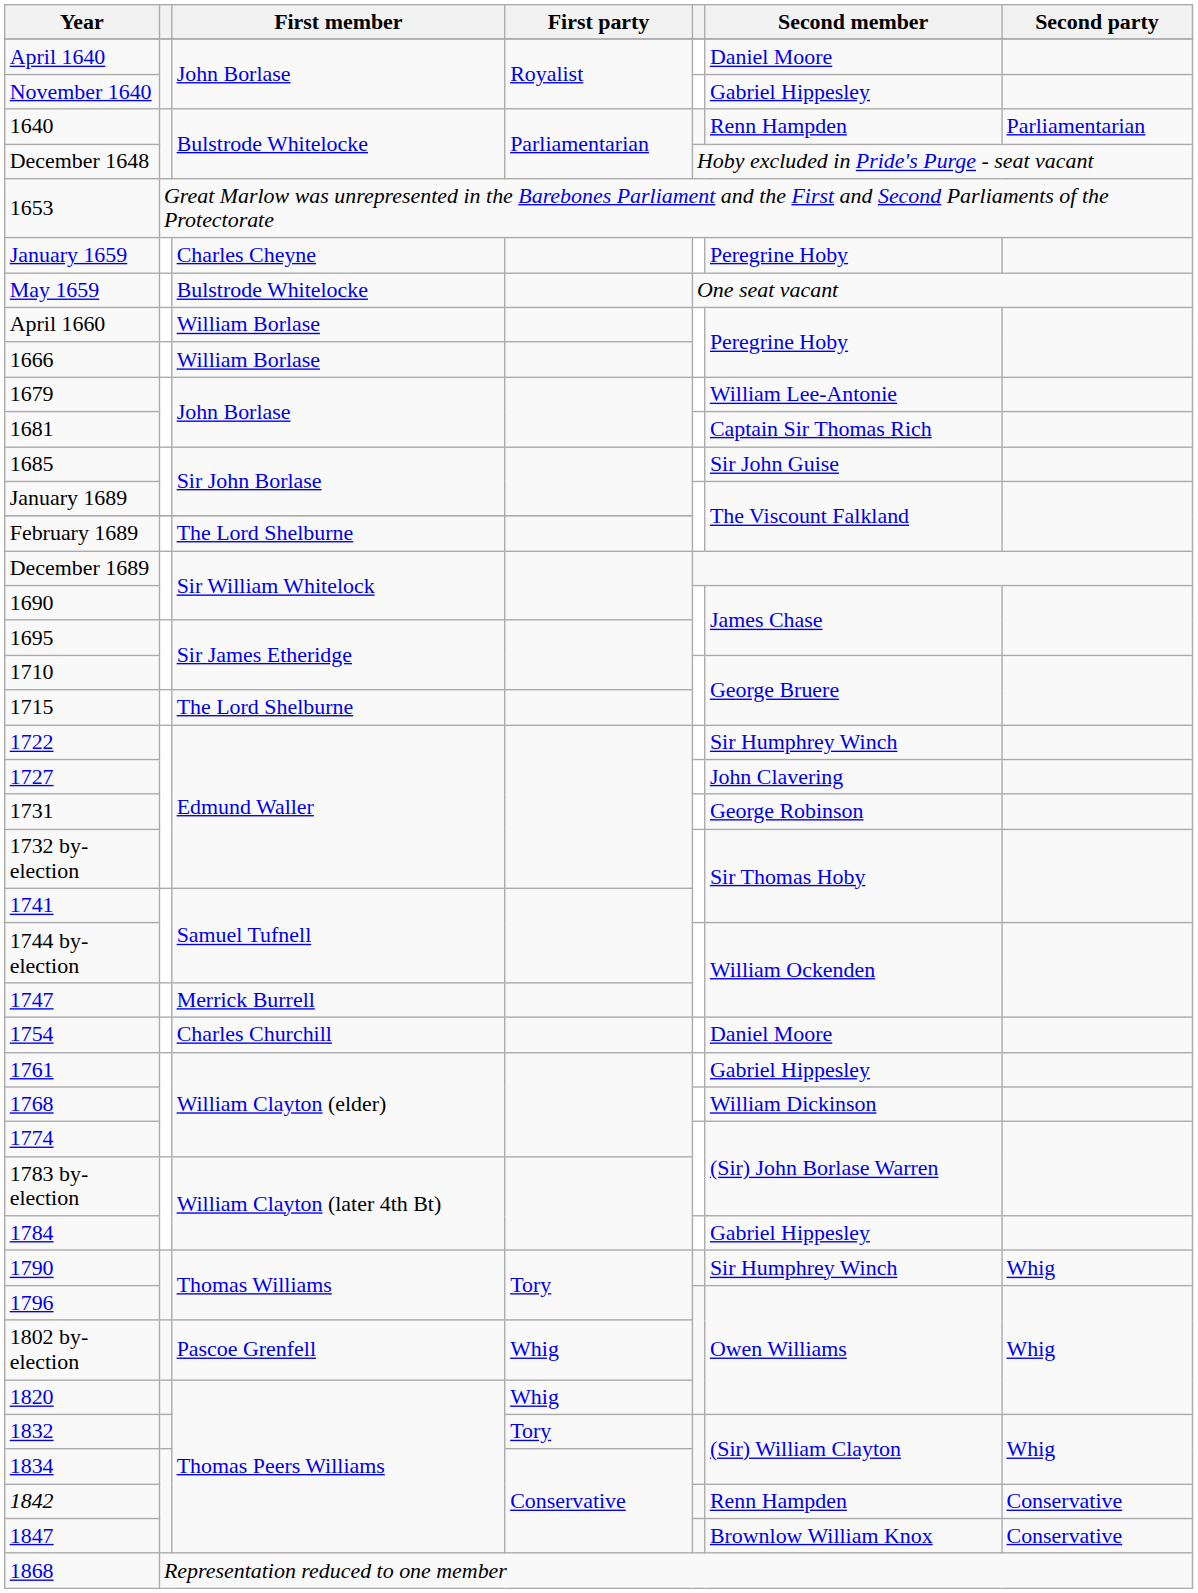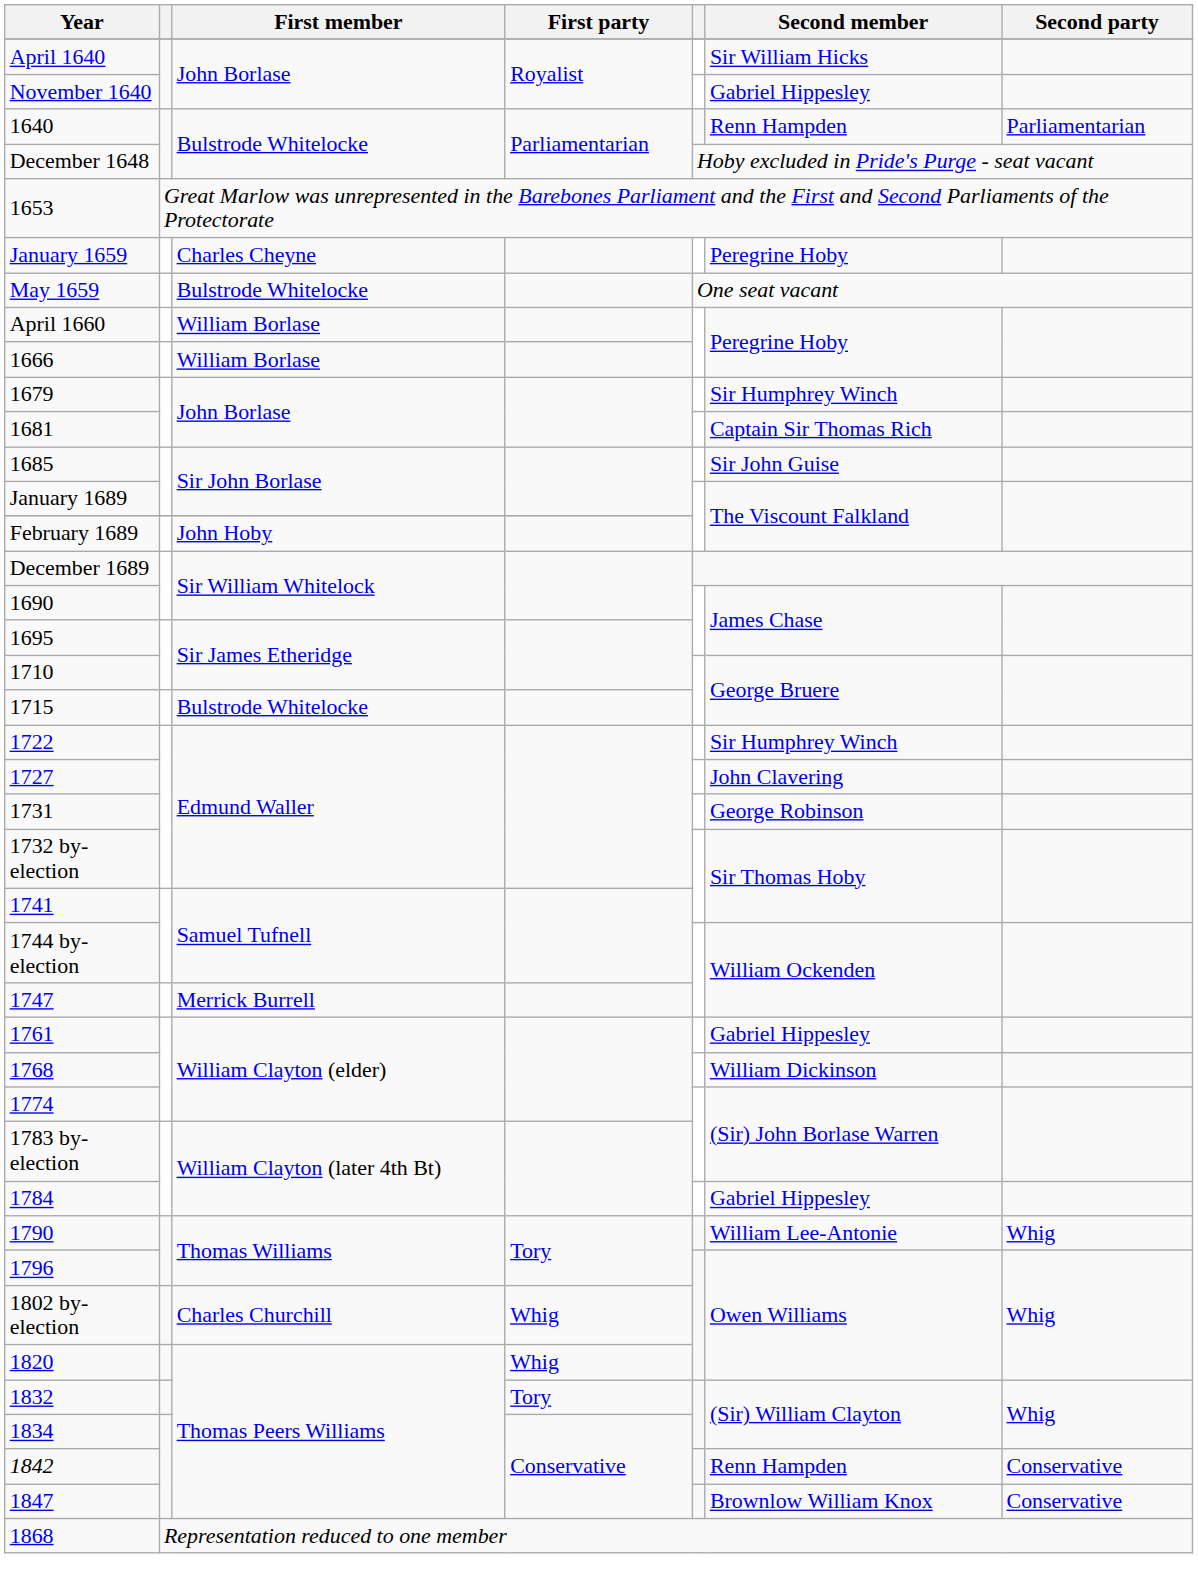 <table class="wikitable">
 <tr>
 <th>Year</th>
 <th></th>
 <th>First member</th>
 <th>First party</th>
 <th></th>
 <th>Second member</th>
 <th>Second party</th>
 </tr>
 <tr>
 </tr>
 <tr>
 <td><a href='#'>April 1640</a></td>
 <td rowspan="2" style="color:inherit;background-color: "></td>
 <td rowspan="2"><a href='#'>John Borlase</a></td>
 <td rowspan="2"><a href='#'>Royalist</a></td>
 <td style="color:inherit;background-color: white"></td>
-<td><a href='#'>Daniel Moore</a></td>
+<td><a href='#'>Sir William Hicks</a></td>
 <td></td>
 </tr>
 <tr>
 <td><a href='#'>November 1640</a></td>
 <td style="color:inherit;background-color: white"></td>
 <td><a href='#'>Gabriel Hippesley</a></td>
 <td></td>
 </tr>
 <tr>
 <td>1640</td>
 <td rowspan="2" style="color:inherit;background-color: "></td>
 <td rowspan="2"><a href='#'>Bulstrode Whitelocke</a></td>
 <td rowspan="2"><a href='#'>Parliamentarian</a></td>
 <td style="color:inherit;background-color: "></td>
 <td><a href='#'>Renn Hampden</a></td>
 <td><a href='#'>Parliamentarian</a></td>
 </tr>
 <tr>
 <td>December 1648</td>
 <td colspan="3"><em>Hoby excluded in <a href='#'>Pride's Purge</a> - seat vacant</em></td>
 </tr>
 <tr>
 <td>1653</td>
 <td colspan="6"><em>Great Marlow was unrepresented in the <a href='#'>Barebones Parliament</a> and the <a href='#'>First</a> and <a href='#'>Second</a> Parliaments of the Protectorate</em></td>
 </tr>
 <tr>
 <td><a href='#'>January 1659</a></td>
 <td style="color:inherit;background-color: white"></td>
 <td><a href='#'>Charles Cheyne</a></td>
 <td></td>
 <td style="color:inherit;background-color: white"></td>
 <td><a href='#'>Peregrine Hoby</a></td>
 <td></td>
 </tr>
 <tr>
 <td><a href='#'>May 1659</a></td>
 <td style="color:inherit;background-color: white"></td>
 <td><a href='#'>Bulstrode Whitelocke</a></td>
 <td></td>
 <td colspan="3"><em>One seat vacant</em></td>
 </tr>
 <tr>
 <td>April 1660</td>
 <td style="color:inherit;background-color: white"></td>
 <td><a href='#'>William Borlase</a></td>
 <td></td>
 <td rowspan="2" style="color:inherit;background-color: white"></td>
 <td rowspan="2"><a href='#'>Peregrine Hoby</a></td>
 <td rowspan="2"></td>
 </tr>
 <tr>
 <td>1666</td>
 <td style="color:inherit;background-color: white"></td>
 <td><a href='#'>William Borlase</a></td>
 <td></td>
 </tr>
 <tr>
 <td>1679</td>
 <td rowspan="2" style="color:inherit;background-color: white"></td>
 <td rowspan="2"><a href='#'>John Borlase</a></td>
 <td rowspan="2"></td>
 <td style="color:inherit;background-color: white"></td>
-<td><a href='#'>William Lee-Antonie</a></td>
+<td><a href='#'>Sir Humphrey Winch</a></td>
 <td></td>
 </tr>
 <tr>
 <td>1681</td>
 <td style="color:inherit;background-color: white"></td>
 <td><a href='#'>Captain Sir Thomas Rich</a></td>
 <td></td>
 </tr>
 <tr>
 <td>1685</td>
 <td rowspan="2" style="color:inherit;background-color: white"></td>
 <td rowspan="2"><a href='#'>Sir John Borlase</a></td>
 <td rowspan="2"></td>
 <td style="color:inherit;background-color: white"></td>
 <td><a href='#'>Sir John Guise</a></td>
 <td></td>
 </tr>
 <tr>
 <td>January 1689</td>
 <td rowspan="3" style="color:inherit;background-color: white"></td>
 <td rowspan="3"><a href='#'>The Viscount Falkland</a></td>
 <td rowspan="3"></td>
 </tr>
 <tr>
 </tr>
 <tr>
 <td>February 1689</td>
 <td style="color:inherit;background-color: white"></td>
-<td><a href='#'>The Lord Shelburne</a></td>
+<td><a href='#'>John Hoby</a></td>
 <td></td>
 </tr>
 <tr>
 <td>December 1689</td>
 <td rowspan="2" style="color:inherit;background-color: white"></td>
 <td rowspan="2"><a href='#'>Sir William Whitelock</a></td>
 <td rowspan="2"></td>
 </tr>
 <tr>
 <td>1690</td>
 <td rowspan="2" style="color:inherit;background-color: white"></td>
 <td rowspan="2"><a href='#'>James Chase</a></td>
 <td rowspan="2"></td>
 </tr>
 <tr>
 <td>1695</td>
 <td rowspan="2" style="color:inherit;background-color: white"></td>
 <td rowspan="2"><a href='#'>Sir James Etheridge</a></td>
 <td rowspan="2"></td>
 </tr>
 <tr>
 <td>1710</td>
 <td rowspan="2" style="color:inherit;background-color: white"></td>
 <td rowspan="2"><a href='#'>George Bruere</a></td>
 <td rowspan="2"></td>
 </tr>
 <tr>
 <td>1715</td>
 <td style="color:inherit;background-color: white"></td>
-<td><a href='#'>The Lord Shelburne</a></td>
+<td><a href='#'>Bulstrode Whitelocke</a></td>
 <td></td>
 </tr>
 <tr>
 <td><a href='#'>1722</a></td>
 <td rowspan="4" style="color:inherit;background-color: white"></td>
 <td rowspan="4"><a href='#'>Edmund Waller</a></td>
 <td rowspan="4"></td>
 <td style="color:inherit;background-color: white"></td>
 <td><a href='#'>Sir Humphrey Winch</a></td>
 <td></td>
 </tr>
 <tr>
 <td><a href='#'>1727</a></td>
 <td style="color:inherit;background-color: white"></td>
 <td><a href='#'>John Clavering</a></td>
 <td></td>
 </tr>
 <tr>
 <td>1731</td>
 <td style="color:inherit;background-color: white"></td>
 <td><a href='#'>George Robinson</a></td>
 <td></td>
 </tr>
 <tr>
 <td>1732 by-election</td>
 <td rowspan="2" style="color:inherit;background-color: white"></td>
 <td rowspan="2"><a href='#'>Sir Thomas Hoby</a></td>
 <td rowspan="2"></td>
 </tr>
 <tr>
 <td><a href='#'>1741</a></td>
 <td rowspan="2" style="color:inherit;background-color: white"></td>
 <td rowspan="2"><a href='#'>Samuel Tufnell</a></td>
 <td rowspan="2"></td>
 </tr>
 <tr>
 <td>1744 by-election</td>
 <td rowspan="2" style="color:inherit;background-color: white"></td>
 <td rowspan="2"><a href='#'>William Ockenden</a></td>
 <td rowspan="2"></td>
 </tr>
 <tr>
 <td><a href='#'>1747</a></td>
 <td style="color:inherit;background-color: white"></td>
 <td><a href='#'>Merrick Burrell</a></td>
 <td></td>
 </tr>
 <tr>
-<td><a href='#'>1754</a></td>
-<td style="color:inherit;background-color: white"></td>
-<td><a href='#'>Charles Churchill</a></td>
-<td></td>
-<td style="color:inherit;background-color: white"></td>
-<td><a href='#'>Daniel Moore</a></td>
-<td></td>
-</tr>
-<tr>
 <td><a href='#'>1761</a></td>
 <td rowspan="3" style="color:inherit;background-color: white"></td>
 <td rowspan="3"><a href='#'>William Clayton</a> (elder)</td>
 <td rowspan="3"></td>
 <td style="color:inherit;background-color: white"></td>
 <td><a href='#'>Gabriel Hippesley</a></td>
 <td></td>
 </tr>
 <tr>
 <td><a href='#'>1768</a></td>
 <td style="color:inherit;background-color: white"></td>
 <td><a href='#'>William Dickinson</a></td>
 <td></td>
 </tr>
 <tr>
 <td><a href='#'>1774</a></td>
 <td rowspan="2" style="color:inherit;background-color: white"></td>
 <td rowspan="2"><a href='#'>(Sir) John Borlase Warren</a></td>
 <td rowspan="2"></td>
 </tr>
 <tr>
 <td>1783 by-election</td>
 <td rowspan="2" style="color:inherit;background-color: white"></td>
 <td rowspan="2"><a href='#'>William Clayton</a> (later 4th Bt)</td>
 <td rowspan="2"></td>
 </tr>
 <tr>
 <td><a href='#'>1784</a></td>
 <td style="color:inherit;background-color: white"></td>
 <td><a href='#'>Gabriel Hippesley</a></td>
 <td></td>
 </tr>
 <tr>
 <td><a href='#'>1790</a></td>
 <td rowspan="2" style="color:inherit;background-color: "></td>
 <td rowspan="2"><a href='#'>Thomas Williams</a></td>
 <td rowspan="2"><a href='#'>Tory</a></td>
 <td style="color:inherit;background-color: "></td>
-<td><a href='#'>Sir Humphrey Winch</a></td>
+<td><a href='#'>William Lee-Antonie</a></td>
 <td><a href='#'>Whig</a></td>
 </tr>
 <tr>
 <td><a href='#'>1796</a></td>
 <td rowspan="3" style="color:inherit;background-color: "></td>
 <td rowspan="3"><a href='#'>Owen Williams</a></td>
 <td rowspan="3"><a href='#'>Whig</a></td>
 </tr>
 <tr>
 <td>1802 by-election</td>
 <td style="color:inherit;background-color: "></td>
-<td><a href='#'>Pascoe Grenfell</a></td>
+<td><a href='#'>Charles Churchill</a></td>
 <td><a href='#'>Whig</a></td>
 </tr>
 <tr>
 <td><a href='#'>1820</a></td>
 <td style="color:inherit;background-color: "></td>
 <td rowspan="5"><a href='#'>Thomas Peers Williams</a></td>
 <td><a href='#'>Whig</a></td>
 </tr>
 <tr>
 <td><a href='#'>1832</a></td>
 <td style="color:inherit;background-color: "></td>
 <td><a href='#'>Tory</a></td>
 <td rowspan="2" style="color:inherit;background-color: "></td>
 <td rowspan="2"><a href='#'>(Sir) William Clayton</a></td>
 <td rowspan="2"><a href='#'>Whig</a></td>
 </tr>
 <tr>
 <td><a href='#'>1834</a></td>
 <td rowspan="3" style="color:inherit;background-color: "></td>
 <td rowspan="3"><a href='#'>Conservative</a></td>
 </tr>
 <tr>
 <td><em>1842</em></td>
 <td style="color:inherit;background-color: "></td>
 <td><a href='#'>Renn Hampden</a></td>
 <td><a href='#'>Conservative</a></td>
 </tr>
 <tr>
 <td><a href='#'>1847</a></td>
 <td style="color:inherit;background-color: "></td>
 <td><a href='#'>Brownlow William Knox</a></td>
 <td><a href='#'>Conservative</a></td>
 </tr>
 <tr>
 <td><a href='#'>1868</a></td>
 <td colspan="6"><em>Representation reduced to one member</em></td>
 </tr>
 </table>
